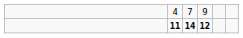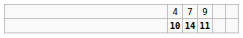 <table class="wikitable">
 <tr>
 <td style="width:18em"></td>
 <td align=center style="width:1em">4</td>
 <td align=center style="width:1em">7</td>
 <td align=center style="width:1em">9</td>
 <td align=center style="width:1em"></td>
 <td align=center style="width:1em"></td>
 </tr>
 <tr>
 <td style="width:18em"><strong></strong></td>
+<td align=center style="width:1em"><strong>10</strong></td>
+<td align=center style="width:1em"><strong>14</strong></td>
 <td align=center style="width:1em"><strong>11</strong></td>
-<td align=center style="width:1em"><strong>14</strong></td>
-<td align=center style="width:1em"><strong>12</strong></td>
 <td align=center style="width:1em"></td>
 <td align=center style="width:1em"></td>
 </tr>
 </table>
